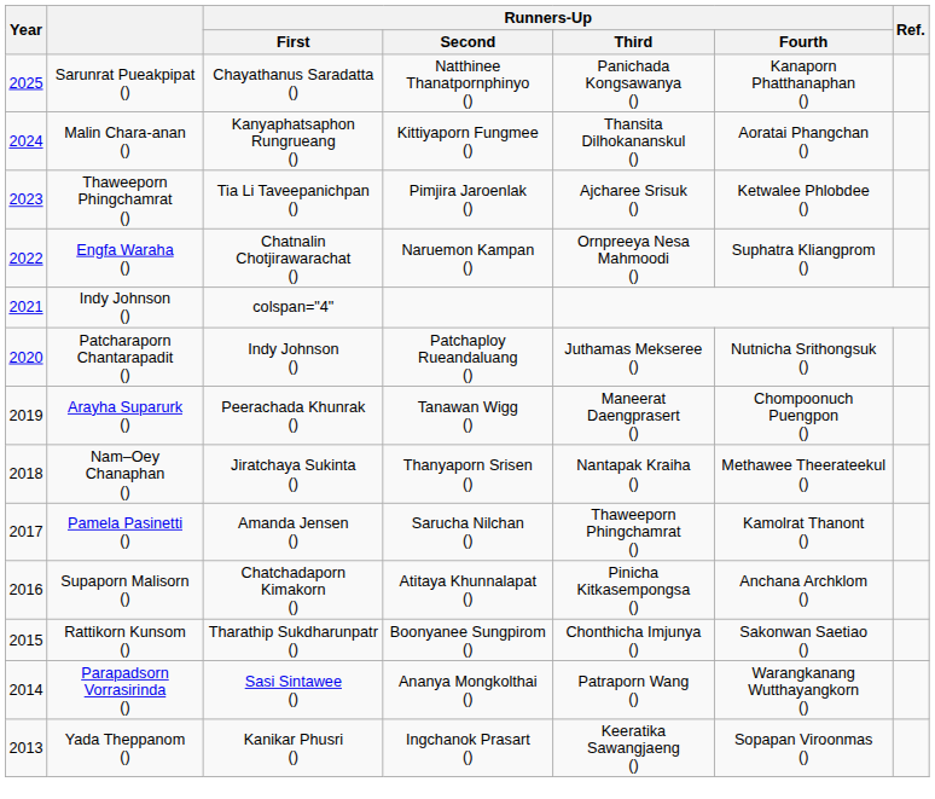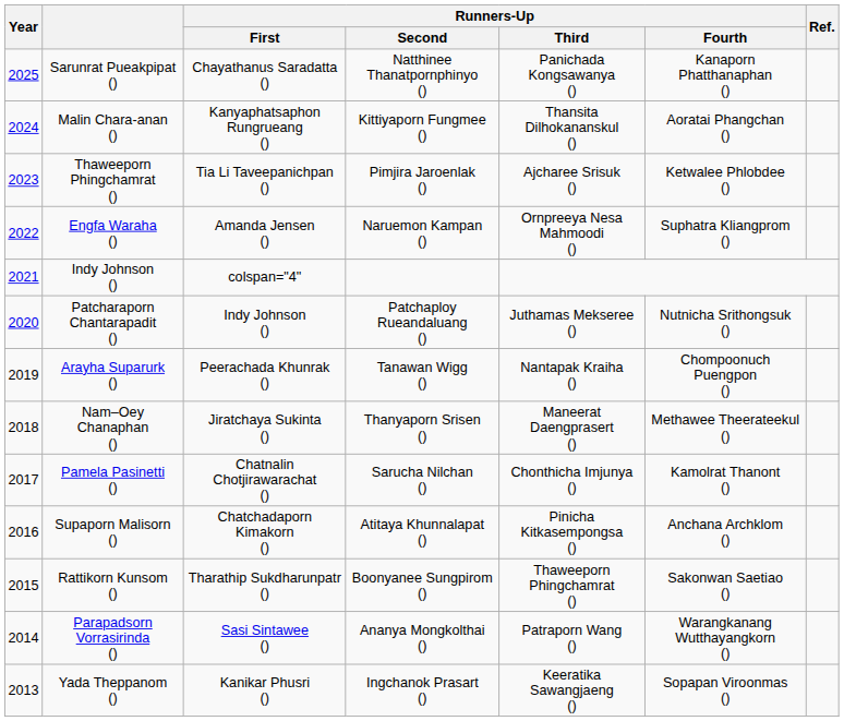 <table class="wikitable" style="font-size: 90%; text-align:center">
 <tr>
 <th rowspan="2">Year</th>
 <th rowspan="2"></th>
 <th colspan="4">Runners-Up</th>
 <th rowspan="2">Ref.</th>
 </tr>
 <tr>
 <th>First</th>
 <th>Second</th>
 <th>Third</th>
 <th>Fourth</th>
 </tr>
 <tr>
 <td><a href='#'>2025</a></td>
 <td>Sarunrat Pueakpipat<br>()</td>
 <td>Chayathanus Saradatta<br>()</td>
 <td>Natthinee Thanatpornphinyo<br>()</td>
 <td>Panichada Kongsawanya<br>()</td>
 <td>Kanaporn Phatthanaphan<br>()</td>
 <td></td>
 </tr>
 <tr>
 <td><a href='#'>2024</a></td>
 <td>Malin Chara-anan<br>()</td>
 <td>Kanyaphatsaphon Rungrueang<br>()</td>
 <td>Kittiyaporn Fungmee<br>()</td>
 <td>Thansita Dilhokananskul<br>()</td>
 <td>Aoratai Phangchan<br>()</td>
 <td></td>
 </tr>
 <tr>
 <td><a href='#'>2023</a></td>
 <td>Thaweeporn Phingchamrat<br>()</td>
 <td>Tia Li Taveepanichpan<br>()</td>
 <td>Pimjira Jaroenlak<br>()</td>
 <td>Ajcharee Srisuk<br>()</td>
 <td>Ketwalee Phlobdee<br>()</td>
 <td></td>
 </tr>
 <tr>
 <td><a href='#'>2022</a></td>
 <td><a href='#'>Engfa Waraha</a><br>()</td>
-<td>Chatnalin Chotjirawarachat<br>()</td>
+<td>Amanda Jensen<br> ()</td>
 <td>Naruemon Kampan<br>()</td>
 <td>Ornpreeya Nesa Mahmoodi<br>()</td>
 <td>Suphatra Kliangprom<br>()</td>
 <td></td>
 </tr>
 <tr>
 <td><a href='#'>2021</a></td>
 <td>Indy Johnson<br>()</td>
 <td>colspan="4" </td>
 <td></td>
 </tr>
 <tr>
 <td><a href='#'>2020</a></td>
 <td>Patcharaporn Chantarapadit<br>()</td>
 <td>Indy Johnson<br>()</td>
 <td>Patchaploy Rueandaluang<br>()</td>
 <td>Juthamas Mekseree<br>()</td>
 <td>Nutnicha Srithongsuk<br>()</td>
 <td></td>
 </tr>
 <tr>
 <td>2019</td>
 <td><a href='#'>Arayha Suparurk</a><br>()</td>
 <td>Peerachada Khunrak<br>()</td>
 <td>Tanawan Wigg<br>()</td>
-<td>Maneerat Daengprasert<br>()</td>
+<td>Nantapak Kraiha<br>()</td>
 <td>Chompoonuch Puengpon<br>()</td>
 <td></td>
 </tr>
 <tr>
 <td>2018</td>
 <td>Nam–Oey Chanaphan<br>()</td>
 <td>Jiratchaya Sukinta<br>()</td>
 <td>Thanyaporn Srisen<br>()</td>
-<td>Nantapak Kraiha<br>()</td>
+<td>Maneerat Daengprasert<br>()</td>
 <td>Methawee Theerateekul<br>()</td>
 <td></td>
 </tr>
 <tr>
 <td>2017</td>
 <td><a href='#'>Pamela Pasinetti</a><br>()</td>
-<td>Amanda Jensen<br> ()</td>
+<td>Chatnalin Chotjirawarachat<br>()</td>
 <td>Sarucha Nilchan<br>()</td>
-<td>Thaweeporn Phingchamrat<br>()</td>
+<td>Chonthicha Imjunya<br>()</td>
 <td>Kamolrat Thanont<br>()</td>
 <td></td>
 </tr>
 <tr>
 <td>2016</td>
 <td>Supaporn Malisorn<br>()</td>
 <td>Chatchadaporn Kimakorn<br>()</td>
 <td>Atitaya Khunnalapat<br>()</td>
 <td>Pinicha Kitkasempongsa<br>()</td>
 <td>Anchana Archklom<br>()</td>
 <td></td>
 </tr>
 <tr>
 <td>2015</td>
 <td>Rattikorn Kunsom<br>()</td>
 <td>Tharathip Sukdharunpatr<br>()</td>
 <td>Boonyanee Sungpirom<br>()</td>
-<td>Chonthicha Imjunya<br>()</td>
+<td>Thaweeporn Phingchamrat<br>()</td>
 <td>Sakonwan Saetiao<br>()</td>
 <td></td>
 </tr>
 <tr>
 <td>2014</td>
 <td><a href='#'>Parapadsorn Vorrasirinda</a><br>()</td>
 <td><a href='#'>Sasi Sintawee</a><br>()</td>
 <td>Ananya Mongkolthai<br>()</td>
 <td>Patraporn Wang<br>()</td>
 <td>Warangkanang Wutthayangkorn<br>()</td>
 <td></td>
 </tr>
 <tr>
 <td>2013</td>
 <td>Yada Theppanom<br>()</td>
 <td>Kanikar Phusri<br>()</td>
 <td>Ingchanok Prasart<br>()</td>
 <td>Keeratika Sawangjaeng<br>()</td>
 <td>Sopapan Viroonmas<br>()</td>
 <td></td>
 </tr>
 </table>
